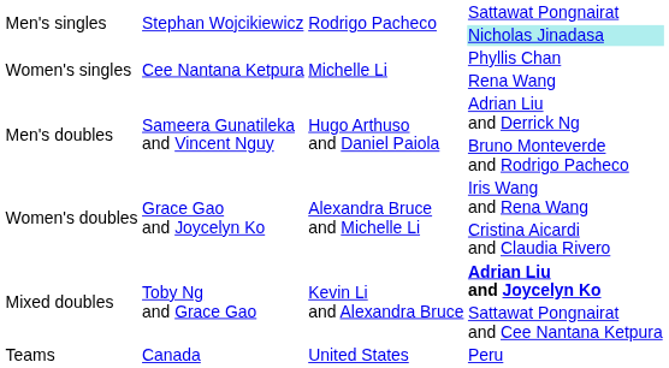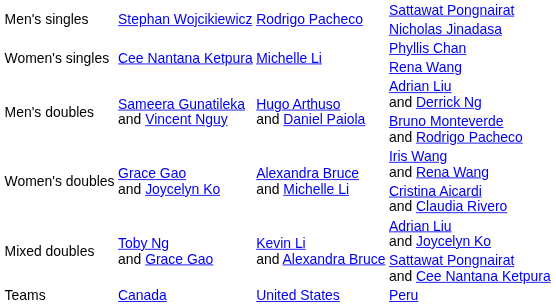 <table>
 <tr>
 <td rowspan=2>Men's singles</td>
 <td rowspan=2> <a href='#'>Stephan Wojcikiewicz</a></td>
 <td rowspan=2> <a href='#'>Rodrigo Pacheco</a></td>
 <td> <a href='#'>Sattawat Pongnairat</a></td>
 </tr>
 <tr>
-<td style="background: paleturquoise;"> <a href='#'>Nicholas Jinadasa</a></td>
+<td> <a href='#'>Nicholas Jinadasa</a></td>
 </tr>
 <tr>
 <td rowspan=2>Women's singles</td>
 <td rowspan=2> <a href='#'>Cee Nantana Ketpura</a></td>
 <td rowspan=2> <a href='#'>Michelle Li</a></td>
 <td> <a href='#'>Phyllis Chan</a></td>
 </tr>
 <tr>
 <td> <a href='#'>Rena Wang</a></td>
 </tr>
 <tr>
 <td rowspan=2>Men's doubles</td>
 <td rowspan=2> <a href='#'>Sameera Gunatileka</a><br>and <a href='#'>Vincent Nguy</a></td>
 <td rowspan=2> <a href='#'>Hugo Arthuso</a><br>and <a href='#'>Daniel Paiola</a></td>
 <td> <a href='#'>Adrian Liu</a><br>and <a href='#'>Derrick Ng</a></td>
 </tr>
 <tr>
 <td> <a href='#'>Bruno Monteverde</a><br>and <a href='#'>Rodrigo Pacheco</a></td>
 </tr>
 <tr>
 <td rowspan=2>Women's doubles</td>
 <td rowspan=2> <a href='#'>Grace Gao</a><br>and <a href='#'>Joycelyn Ko</a></td>
 <td rowspan=2> <a href='#'>Alexandra Bruce</a><br>and <a href='#'>Michelle Li</a></td>
 <td> <a href='#'>Iris Wang</a><br>and <a href='#'>Rena Wang</a></td>
 </tr>
 <tr>
 <td> <a href='#'>Cristina Aicardi</a><br> and <a href='#'>Claudia Rivero</a></td>
 </tr>
 <tr>
 <td rowspan=2>Mixed doubles</td>
 <td rowspan=2> <a href='#'>Toby Ng</a><br> and <a href='#'>Grace Gao</a></td>
 <td rowspan=2> <a href='#'>Kevin Li</a><br>and <a href='#'>Alexandra Bruce</a></td>
-<td><strong> <a href='#'>Adrian Liu</a><br>and <a href='#'>Joycelyn Ko</a></strong></td>
+<td> <a href='#'>Adrian Liu</a><br>and <a href='#'>Joycelyn Ko</a></td>
 </tr>
 <tr>
 <td> <a href='#'>Sattawat Pongnairat</a><br>and <a href='#'>Cee Nantana Ketpura</a></td>
 </tr>
 <tr>
 <td rowspan=2>Teams</td>
 <td rowspan=2> <a href='#'>Canada</a></td>
 <td rowspan=2> <a href='#'>United States</a></td>
 <td> <a href='#'>Peru</a></td>
 </tr>
 </table>
